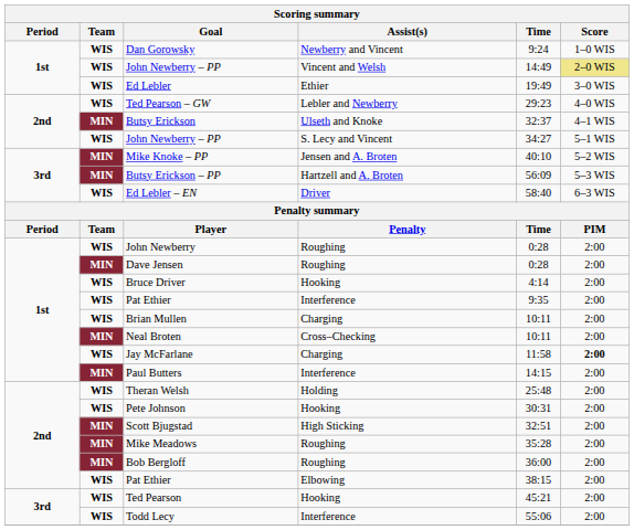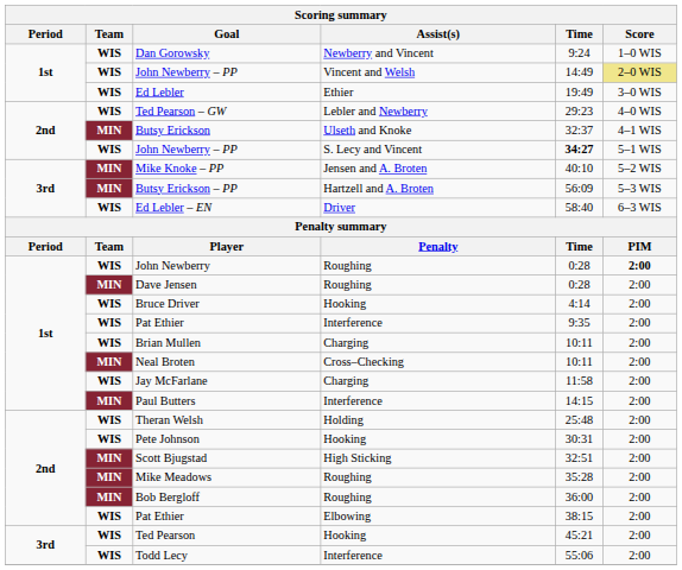 <table style="width:100%;" class="wikitable">
 <tr>
 <th colspan=6>Scoring summary</th>
 </tr>
 <tr>
 <th style="width:12%;">Period</th>
 <th style="width:7%;">Team</th>
 <th style="width:28%;">Goal</th>
 <th style="width:35%;">Assist(s)</th>
 <th style="width:7%;">Time</th>
 <th style="width:11%;">Score</th>
 </tr>
 <tr>
 <td style="text-align:center;" rowspan="3"><strong>1st</strong></td>
 <td align=center><strong>WIS</strong></td>
 <td><a href='#'>Dan Gorowsky</a></td>
 <td><a href='#'>Newberry</a> and Vincent</td>
 <td align=center>9:24</td>
 <td align=center>1–0 WIS</td>
 </tr>
 <tr>
 <td align=center><strong>WIS</strong></td>
 <td><a href='#'>John Newberry</a> – <em>PP</em></td>
 <td>Vincent and <a href='#'>Welsh</a></td>
 <td align=center>14:49</td>
 <td align=center style="background: khaki;">2–0 WIS</td>
 </tr>
 <tr>
 <td align=center><strong>WIS</strong></td>
 <td><a href='#'>Ed Lebler</a></td>
 <td>Ethier</td>
 <td align=center>19:49</td>
 <td align=center>3–0 WIS</td>
 </tr>
 <tr>
 <td style="text-align:center;" rowspan="3"><strong>2nd</strong></td>
 <td align=center><strong>WIS</strong></td>
 <td><a href='#'>Ted Pearson</a> – <em>GW</em></td>
 <td>Lebler and <a href='#'>Newberry</a></td>
 <td align=center>29:23</td>
 <td align=center>4–0 WIS</td>
 </tr>
 <tr>
 <td align=center style="color:white; background:#862334; "><strong>MIN</strong></td>
 <td><a href='#'>Butsy Erickson</a></td>
 <td><a href='#'>Ulseth</a> and Knoke</td>
 <td align=center>32:37</td>
 <td align=center>4–1 WIS</td>
 </tr>
 <tr>
 <td align=center><strong>WIS</strong></td>
 <td><a href='#'>John Newberry</a> – <em>PP</em></td>
 <td>S. Lecy and Vincent</td>
-<td align=center>34:27</td>
+<td align=center><strong>34:27</strong></td>
 <td align=center>5–1 WIS</td>
 </tr>
 <tr>
 <td style="text-align:center;" rowspan="3"><strong>3rd</strong></td>
 <td align=center style="color:white; background:#862334; "><strong>MIN</strong></td>
 <td><a href='#'>Mike Knoke</a> – <em>PP</em></td>
 <td>Jensen and <a href='#'>A. Broten</a></td>
 <td align=center>40:10</td>
 <td align=center>5–2 WIS</td>
 </tr>
 <tr>
 <td align=center style="color:white; background:#862334; "><strong>MIN</strong></td>
 <td><a href='#'>Butsy Erickson</a> – <em>PP</em></td>
 <td>Hartzell and <a href='#'>A. Broten</a></td>
 <td align=center>56:09</td>
 <td align=center>5–3 WIS</td>
 </tr>
 <tr>
 <td align=center><strong>WIS</strong></td>
 <td><a href='#'>Ed Lebler</a> – <em>EN</em></td>
 <td><a href='#'>Driver</a></td>
 <td align=center>58:40</td>
 <td align=center>6–3 WIS</td>
 </tr>
 <tr>
 <th colspan=6>Penalty summary</th>
 </tr>
 <tr>
 <th style="width:12%;">Period</th>
 <th style="width:7%;">Team</th>
 <th style="width:28%;">Player</th>
 <th style="width:35%;"><a href='#'>Penalty</a></th>
 <th style="width:7%;">Time</th>
 <th style="width:11%;">PIM</th>
 </tr>
 <tr>
 <td style="text-align:center;" rowspan="8"><strong>1st</strong></td>
 <td align=center><strong>WIS</strong></td>
 <td>John Newberry</td>
 <td>Roughing</td>
 <td align=center>0:28</td>
-<td align=center>2:00</td>
+<td align=center><strong>2:00</strong></td>
 </tr>
 <tr>
 <td align=center style="color:white; background:#862334; "><strong>MIN</strong></td>
 <td>Dave Jensen</td>
 <td>Roughing</td>
 <td align=center>0:28</td>
 <td align=center>2:00</td>
 </tr>
 <tr>
 <td align=center><strong>WIS</strong></td>
 <td>Bruce Driver</td>
 <td>Hooking</td>
 <td align=center>4:14</td>
 <td align=center>2:00</td>
 </tr>
 <tr>
 <td align=center><strong>WIS</strong></td>
 <td>Pat Ethier</td>
 <td>Interference</td>
 <td align=center>9:35</td>
 <td align=center>2:00</td>
 </tr>
 <tr>
 <td align=center><strong>WIS</strong></td>
 <td>Brian Mullen</td>
 <td>Charging</td>
 <td align=center>10:11</td>
 <td align=center>2:00</td>
 </tr>
 <tr>
 <td align=center style="color:white; background:#862334; "><strong>MIN</strong></td>
 <td>Neal Broten</td>
 <td>Cross–Checking</td>
 <td align=center>10:11</td>
 <td align=center>2:00</td>
 </tr>
 <tr>
 <td align=center><strong>WIS</strong></td>
 <td>Jay McFarlane</td>
 <td>Charging</td>
 <td align=center>11:58</td>
-<td align=center><strong>2:00</strong></td>
+<td align=center>2:00</td>
 </tr>
 <tr>
 <td align=center style="color:white; background:#862334; "><strong>MIN</strong></td>
 <td>Paul Butters</td>
 <td>Interference</td>
 <td align=center>14:15</td>
 <td align=center>2:00</td>
 </tr>
 <tr>
 <td style="text-align:center;" rowspan="6"><strong>2nd</strong></td>
 <td align=center><strong>WIS</strong></td>
 <td>Theran Welsh</td>
 <td>Holding</td>
 <td align=center>25:48</td>
 <td align=center>2:00</td>
 </tr>
 <tr>
 <td align=center><strong>WIS</strong></td>
 <td>Pete Johnson</td>
 <td>Hooking</td>
 <td align=center>30:31</td>
 <td align=center>2:00</td>
 </tr>
 <tr>
 <td align=center style="color:white; background:#862334; "><strong>MIN</strong></td>
 <td>Scott Bjugstad</td>
 <td>High Sticking</td>
 <td align=center>32:51</td>
 <td align=center>2:00</td>
 </tr>
 <tr>
 <td align=center style="color:white; background:#862334; "><strong>MIN</strong></td>
 <td>Mike Meadows</td>
 <td>Roughing</td>
 <td align=center>35:28</td>
 <td align=center>2:00</td>
 </tr>
 <tr>
 <td align=center style="color:white; background:#862334; "><strong>MIN</strong></td>
 <td>Bob Bergloff</td>
 <td>Roughing</td>
 <td align=center>36:00</td>
 <td align=center>2:00</td>
 </tr>
 <tr>
 <td align=center><strong>WIS</strong></td>
 <td>Pat Ethier</td>
 <td>Elbowing</td>
 <td align=center>38:15</td>
 <td align=center>2:00</td>
 </tr>
 <tr>
 <td style="text-align:center;" rowspan="2"><strong>3rd</strong></td>
 <td align=center><strong>WIS</strong></td>
 <td>Ted Pearson</td>
 <td>Hooking</td>
 <td align=center>45:21</td>
 <td align=center>2:00</td>
 </tr>
 <tr>
 <td align=center><strong>WIS</strong></td>
 <td>Todd Lecy</td>
 <td>Interference</td>
 <td align=center>55:06</td>
 <td align=center>2:00</td>
 </tr>
 <tr>
 </tr>
 </table>
